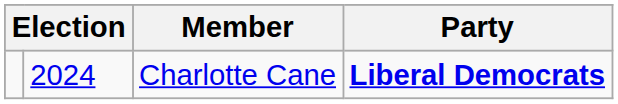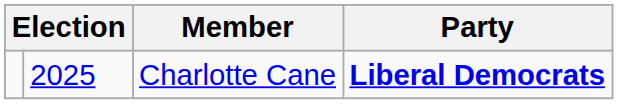 <table class="wikitable">
 <tr>
 <th colspan="2">Election</th>
 <th>Member</th>
 <th>Party</th>
 </tr>
 <tr>
 <td style="color:inherit;background-color: "></td>
-<td><a href='#'>2024</a></td>
+<td><a href='#'>2025</a></td>
 <td><a href='#'>Charlotte Cane</a></td>
 <td><strong><a href='#'>Liberal Democrats</a></strong></td>
 </tr>
 </table>
